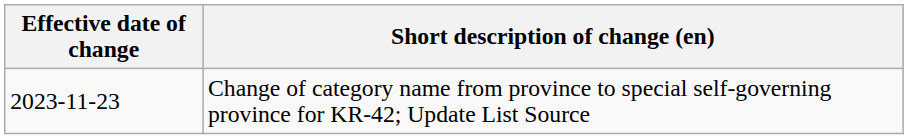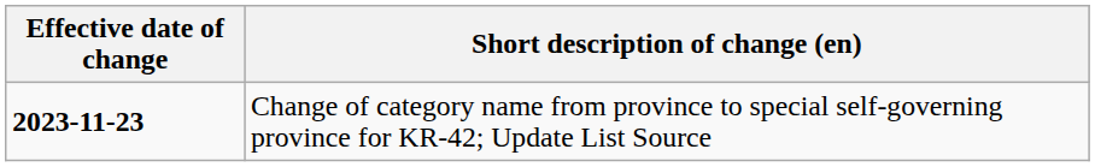 <table class="wikitable">
 <tr>
 <th>Effective date of change</th>
 <th>Short description of change (en)</th>
 </tr>
 <tr>
-<td>2023-11-23</td>
+<td><strong>2023-11-23</strong></td>
 <td>Change of category name from province to special self-governing province for KR-42; Update List Source</td>
 </tr>
 </table>
